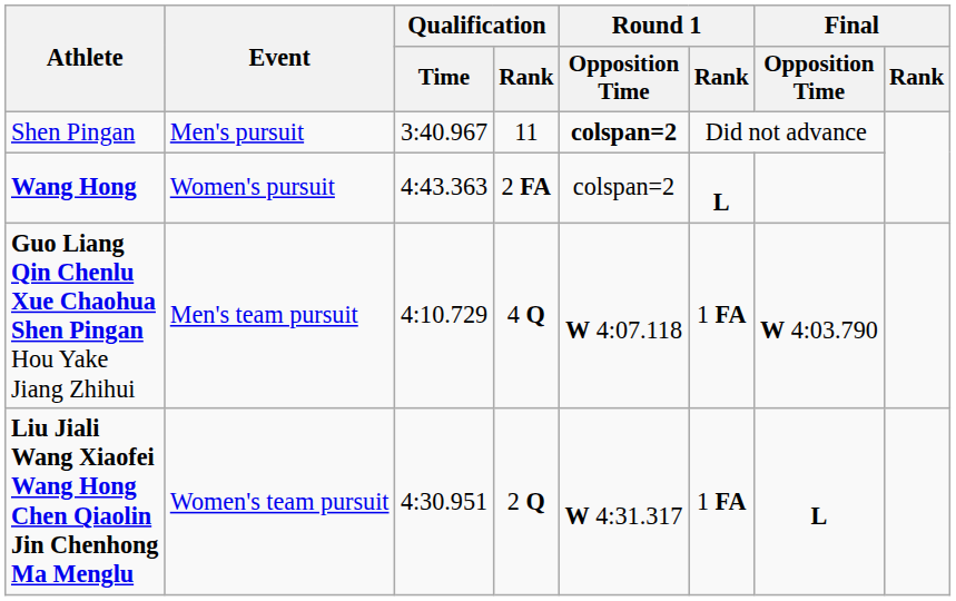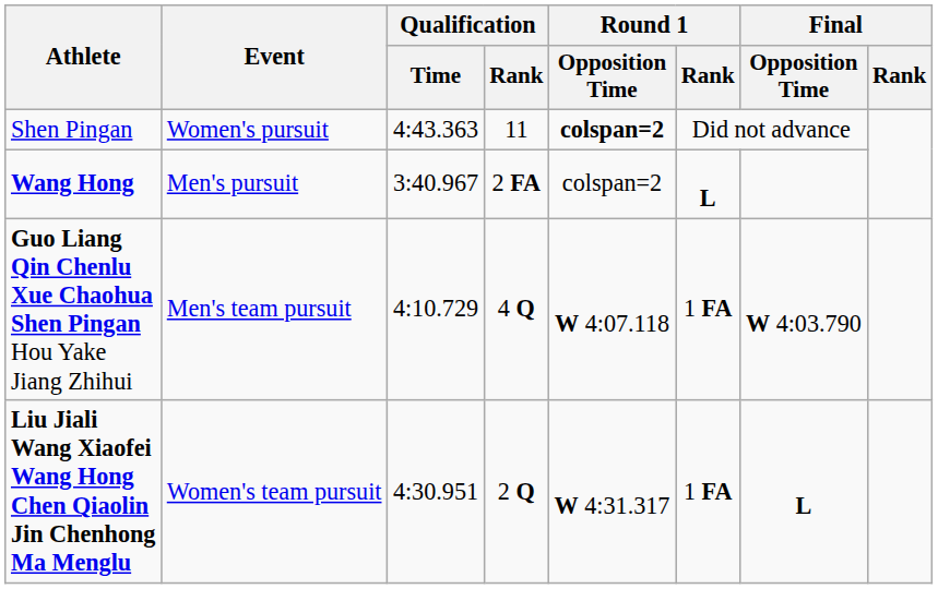 <table class=wikitable style=font-size:90%;text-align:center>
 <tr>
 <th rowspan="2">Athlete</th>
 <th rowspan="2">Event</th>
 <th colspan=2>Qualification</th>
 <th colspan=2>Round 1</th>
 <th colspan=2>Final</th>
 </tr>
 <tr style="font-size:95%">
 <th>Time</th>
 <th>Rank</th>
 <th>Opposition<br>Time</th>
 <th>Rank</th>
 <th>Opposition<br>Time</th>
 <th>Rank</th>
 </tr>
 <tr>
 <td align=left><a href='#'>Shen Pingan</a></td>
-<td align=left><a href='#'>Men's pursuit</a></td>
-<td>3:40.967</td>
+<td align=left><a href='#'>Women's pursuit</a></td>
+<td>4:43.363</td>
 <td>11</td>
 <td><strong>colspan=2 </strong></td>
 <td colspan=2>Did not advance</td>
 </tr>
 <tr>
 <td align=left><strong><a href='#'>Wang Hong</a></strong></td>
-<td align=left><a href='#'>Women's pursuit</a></td>
-<td>4:43.363</td>
+<td align=left><a href='#'>Men's pursuit</a></td>
+<td>3:40.967</td>
 <td>2 <strong>FA</strong></td>
 <td>colspan=2 </td>
 <td><br><strong>L</strong></td>
 <td></td>
 </tr>
 <tr>
 <td align=left><strong>Guo Liang<br><a href='#'>Qin Chenlu</a><br><a href='#'>Xue Chaohua</a><br><a href='#'>Shen Pingan</a></strong><br>Hou Yake<br>Jiang Zhihui</td>
 <td align=left><a href='#'>Men's team pursuit</a></td>
 <td>4:10.729</td>
 <td>4 <strong>Q</strong></td>
 <td><br><strong>W</strong> 4:07.118</td>
 <td>1 <strong>FA</strong></td>
 <td><br><strong>W</strong> 4:03.790</td>
 <td></td>
 </tr>
 <tr>
 <td align=left><strong>Liu Jiali<br>Wang Xiaofei<br><a href='#'>Wang Hong</a><br><a href='#'>Chen Qiaolin</a><br>Jin Chenhong<br><a href='#'>Ma Menglu</a></strong></td>
 <td align=left><a href='#'>Women's team pursuit</a></td>
 <td>4:30.951</td>
 <td>2 <strong>Q</strong></td>
 <td><br><strong>W</strong> 4:31.317</td>
 <td>1 <strong>FA</strong></td>
 <td><br><strong>L</strong></td>
 <td></td>
 </tr>
 </table>
